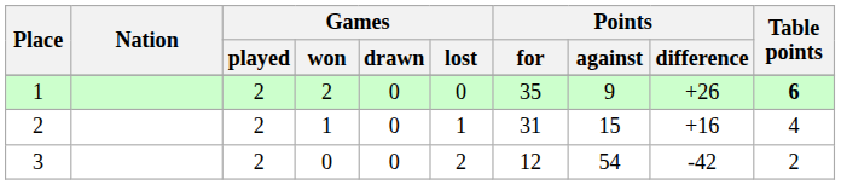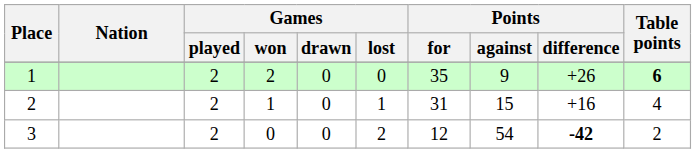 <table class="wikitable">
 <tr>
 <th rowspan=2 width="8%">Place</th>
 <th rowspan=2 width="20%">Nation</th>
 <th colspan=4 width="32%">Games</th>
 <th colspan=3 width="30%">Points</th>
 <th rowspan=2 width="10%">Table<br>points</th>
 </tr>
 <tr>
 <th width="8%">played</th>
 <th width="8%">won</th>
 <th width="8%">drawn</th>
 <th width="8%">lost</th>
 <th width="10%">for</th>
 <th width="10%">against</th>
 <th width="10%">difference</th>
 </tr>
 <tr>
 </tr>
 <tr bgcolor=#ccffcc align=center>
 <td>1</td>
 <td align=left><strong></strong></td>
 <td>2</td>
 <td>2</td>
 <td>0</td>
 <td>0</td>
 <td>35</td>
 <td>9</td>
 <td>+26</td>
 <td><strong>6</strong></td>
 </tr>
 <tr bgcolor=#ffffff align=center>
 <td>2</td>
 <td align=left></td>
 <td>2</td>
 <td>1</td>
 <td>0</td>
 <td>1</td>
 <td>31</td>
 <td>15</td>
 <td>+16</td>
 <td>4</td>
 </tr>
 <tr bgcolor=#ffffff align=center>
 <td>3</td>
 <td align=left></td>
 <td>2</td>
 <td>0</td>
 <td>0</td>
 <td>2</td>
 <td>12</td>
 <td>54</td>
-<td>-42</td>
+<td><strong>-42</strong></td>
 <td>2</td>
 </tr>
 </table>
